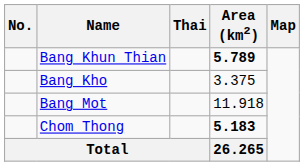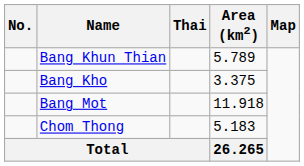 <table class="wikitable sortable">
 <tr>
 <th>No.</th>
 <th>Name</th>
 <th>Thai</th>
 <th>Area<br>(km<sup>2</sup>)</th>
 <th>Map</th>
 </tr>
 <tr>
 <td></td>
 <td><a href='#'>Bang Khun Thian</a></td>
 <td></td>
-<td><strong><div>5.789</div></strong></td>
+<td><div>5.789</div></td>
 <td rowspan=5></td>
 </tr>
 <tr>
 <td></td>
 <td><a href='#'>Bang Kho</a></td>
 <td></td>
 <td><div>3.375</div></td>
 </tr>
 <tr>
 <td></td>
 <td><a href='#'>Bang Mot</a></td>
 <td></td>
 <td><div>11.918</div></td>
 </tr>
 <tr>
 <td></td>
 <td><a href='#'>Chom Thong</a></td>
 <td></td>
-<td><strong><div>5.183</div></strong></td>
+<td><div>5.183</div></td>
 </tr>
 <tr>
 <th colspan=3>Total</th>
 <th><div>26.265</div></th>
 </tr>
 </table>
